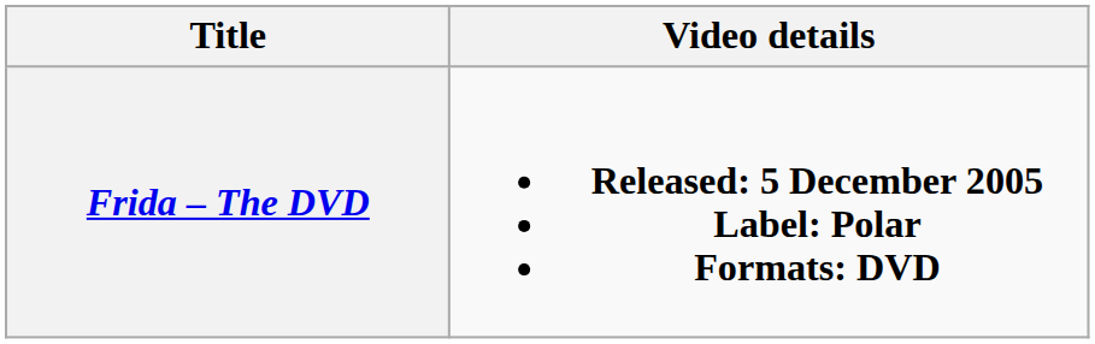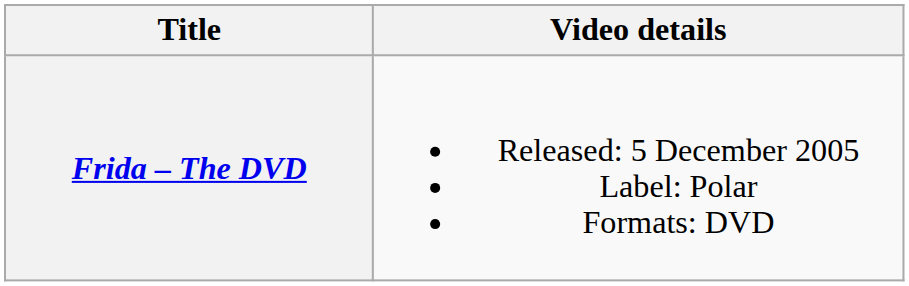 <table class="wikitable plainrowheaders" style="text-align:center;" border="1">
 <tr>
 <th scope="col" style="width:11em;">Title</th>
 <th scope="col" style="width:16em;">Video details</th>
 </tr>
 <tr>
 <th scope="row"><em><a href='#'>Frida – The DVD</a></em></th>
-<td><strong><br><ul><li>Released: 5 December 2005</li><li>Label: Polar</li><li>Formats: DVD</li></ul></strong></td>
+<td><br><ul><li>Released: 5 December 2005</li><li>Label: Polar</li><li>Formats: DVD</li></ul></td>
 </tr>
 </table>
